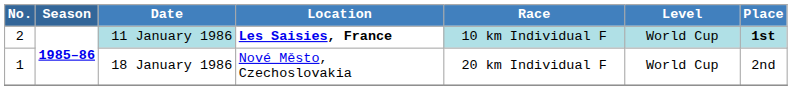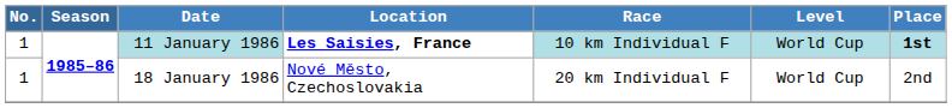 <table class="wikitable sortable" style="font-size:95%; text-align:center; border:grey solid 1px; border-collapse:collapse; background:#ffffff;">
 <tr style="background:#efefef;">
 <th style="background-color:#369; color:white;">No.</th>
 <th style="background-color:#369; color:white;">Season</th>
 <th style="background-color:#4180be; color:white; width:120px;">Date</th>
 <th style="background-color:#4180be; color:white; width:185px;">Location</th>
 <th style="background-color:#4180be; color:white; width:160px;">Race</th>
 <th style="background-color:#4180be; color:white; width:100px;">Level</th>
 <th style="background-color:#4180be; color:white;">Place</th>
 </tr>
 <tr>
-<td align=center>2</td>
+<td align=center>1</td>
 <td rowspan=2 align=center><strong><a href='#'>1985–86</a></strong></td>
 <td bgcolor="#BOEOE6" align=right>11 January 1986</td>
 <td align=left><strong> <a href='#'>Les Saisies</a>, France</strong></td>
 <td bgcolor="#BOEOE6">10 km Individual F</td>
 <td bgcolor="#BOEOE6">World Cup</td>
 <td bgcolor="#BOEOE6"><strong>1st</strong></td>
 </tr>
 <tr>
 <td align=center>1</td>
 <td align=right>18 January 1986</td>
 <td align=left> <a href='#'>Nové Město</a>, Czechoslovakia</td>
 <td>20 km Individual F</td>
 <td>World Cup</td>
 <td>2nd</td>
 </tr>
 <tr>
 </tr>
 </table>
